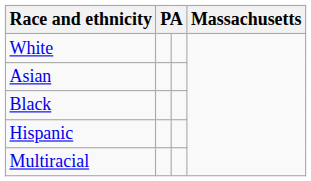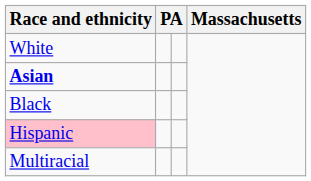 <table class="wikitable sortable collapsible" style="float:right;" ; text-align:right; font-size:80%;">
 <tr>
 <th>Race and ethnicity</th>
 <th colspan="2" data-sort-type="number">PA</th>
 <th colspan="2" data-sort-type="number">Massachusetts</th>
 </tr>
 <tr>
 <td><a href='#'>White</a></td>
 <td align=right></td>
 <td align=right></td>
 </tr>
 <tr>
-<td><a href='#'>Asian</a></td>
+<td><strong><a href='#'>Asian</a></strong></td>
 <td align=right></td>
 <td align=right></td>
 </tr>
 <tr>
 <td><a href='#'>Black</a></td>
 <td align=right></td>
 <td align=right></td>
 </tr>
 <tr>
-<td><a href='#'>Hispanic</a></td>
+<td style="background: pink;"><a href='#'>Hispanic</a></td>
 <td align=right></td>
 <td align=right></td>
 </tr>
 <tr>
 <td><a href='#'>Multiracial</a></td>
 <td align=right></td>
 <td align=right></td>
 </tr>
 </table>
